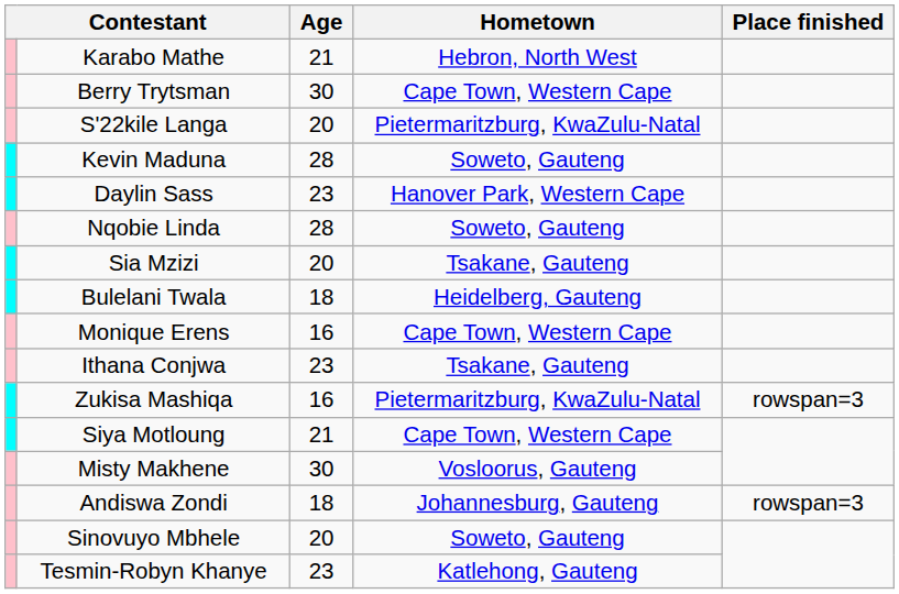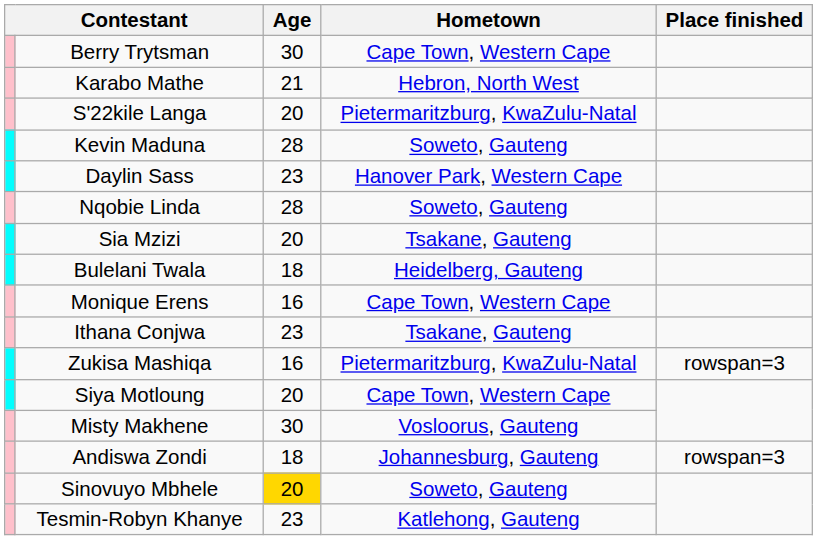 <table class="wikitable sortable" style="text-align:center; line-height:17px; width:50%; white-space:nowrap">
 <tr>
 <th style="width:20%" colspan="2">Contestant</th>
 <th style="width:05%">Age</th>
 <th style="width:18%">Hometown</th>
 <th style="width:05%">Place finished</th>
 </tr>
 <tr>
 <th style="background:pink;"></th>
-<td>Karabo Mathe</td>
-<td>21</td>
-<td><a href='#'>Hebron, North West</a></td>
+<td>Berry Trytsman</td>
+<td>30</td>
+<td><a href='#'>Cape Town</a>, <a href='#'>Western Cape</a></td>
 <td></td>
 </tr>
 <tr>
 <th style="background:pink;"></th>
-<td>Berry Trytsman</td>
-<td>30</td>
-<td><a href='#'>Cape Town</a>, <a href='#'>Western Cape</a></td>
+<td>Karabo Mathe</td>
+<td>21</td>
+<td><a href='#'>Hebron, North West</a></td>
 <td></td>
 </tr>
 <tr>
 <th style="background:pink;"></th>
 <td>S'22kile Langa</td>
 <td>20</td>
 <td><a href='#'>Pietermaritzburg</a>, <a href='#'>KwaZulu-Natal</a></td>
 <td></td>
 </tr>
 <tr>
 <th style="background:cyan;"></th>
 <td>Kevin Maduna</td>
 <td>28</td>
 <td><a href='#'>Soweto</a>, <a href='#'>Gauteng</a></td>
 <td></td>
 </tr>
 <tr>
 <th style="background:cyan;"></th>
 <td>Daylin Sass</td>
 <td>23</td>
 <td><a href='#'>Hanover Park</a>, <a href='#'>Western Cape</a></td>
 <td></td>
 </tr>
 <tr>
 <th style="background:pink;"></th>
 <td>Nqobie Linda</td>
 <td>28</td>
 <td><a href='#'>Soweto</a>, <a href='#'>Gauteng</a></td>
 <td></td>
 </tr>
 <tr>
 <th style="background:cyan;"></th>
 <td>Sia Mzizi</td>
 <td>20</td>
 <td><a href='#'>Tsakane</a>, <a href='#'>Gauteng</a></td>
 <td></td>
 </tr>
 <tr>
 <th style="background:cyan;"></th>
 <td>Bulelani Twala</td>
 <td>18</td>
 <td><a href='#'>Heidelberg, Gauteng</a></td>
 <td></td>
 </tr>
 <tr>
 <th style="background:pink;"></th>
 <td>Monique Erens</td>
 <td>16</td>
 <td><a href='#'>Cape Town</a>, <a href='#'>Western Cape</a></td>
 <td></td>
 </tr>
 <tr>
 <th style="background:pink;"></th>
 <td>Ithana Conjwa</td>
 <td>23</td>
 <td><a href='#'>Tsakane</a>, <a href='#'>Gauteng</a></td>
 <td></td>
 </tr>
 <tr>
 <th style="background:cyan;"></th>
 <td>Zukisa Mashiqa</td>
 <td>16</td>
 <td><a href='#'>Pietermaritzburg</a>, <a href='#'>KwaZulu-Natal</a></td>
 <td>rowspan=3 </td>
 </tr>
 <tr>
 <th style="background:cyan;"></th>
 <td>Siya Motloung</td>
-<td>21</td>
+<td>20</td>
 <td><a href='#'>Cape Town</a>, <a href='#'>Western Cape</a></td>
 </tr>
 <tr>
 <th style="background:pink;"></th>
 <td>Misty Makhene</td>
 <td>30</td>
 <td><a href='#'>Vosloorus</a>, <a href='#'>Gauteng</a></td>
 </tr>
 <tr>
 <th style="background:pink;"></th>
 <td>Andiswa Zondi</td>
 <td>18</td>
 <td><a href='#'>Johannesburg</a>, <a href='#'>Gauteng</a></td>
 <td>rowspan=3 </td>
 </tr>
 <tr>
 <th style="background:pink;"></th>
 <td>Sinovuyo Mbhele</td>
-<td>20</td>
+<td style="background: gold;">20</td>
 <td><a href='#'>Soweto</a>, <a href='#'>Gauteng</a></td>
 </tr>
 <tr>
 <th style="background:pink;"></th>
 <td>Tesmin-Robyn Khanye</td>
 <td>23</td>
 <td><a href='#'>Katlehong</a>, <a href='#'>Gauteng</a></td>
 </tr>
 </table>
